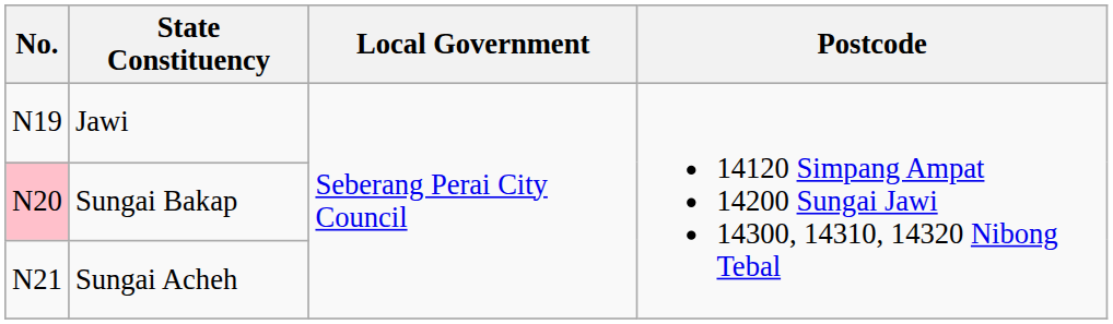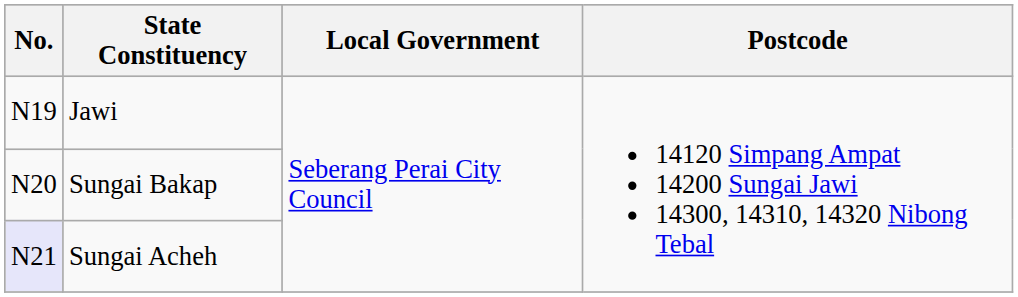 <table class="wikitable">
 <tr>
 <th>No.</th>
 <th>State Constituency</th>
 <th>Local Government</th>
 <th>Postcode</th>
 </tr>
 <tr>
 <td>N19</td>
 <td>Jawi</td>
 <td rowspan="3"><a href='#'>Seberang Perai City Council</a></td>
 <td rowspan="3"><br><ul><li>14120 <a href='#'>Simpang Ampat</a></li><li>14200 <a href='#'>Sungai Jawi</a></li><li>14300, 14310, 14320 <a href='#'>Nibong Tebal</a></li></ul></td>
 </tr>
 <tr>
-<td style="background: pink;">N20</td>
+<td>N20</td>
 <td>Sungai Bakap</td>
 </tr>
 <tr>
-<td>N21</td>
+<td style="background: lavender;">N21</td>
 <td>Sungai Acheh</td>
 </tr>
 </table>
